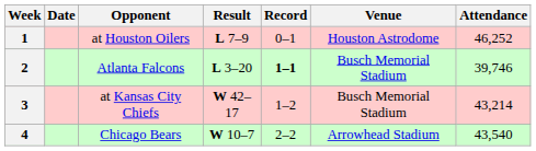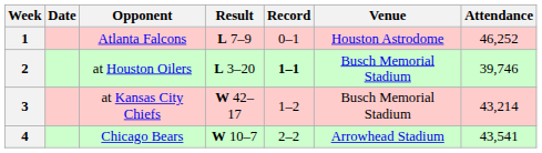 <table class="wikitable" style="text-align:center">
 <tr>
 <th>Week</th>
 <th>Date</th>
 <th>Opponent</th>
 <th>Result</th>
 <th>Record</th>
 <th>Venue</th>
 <th>Attendance</th>
 </tr>
 <tr style="background:#fcc">
 <th>1</th>
 <td></td>
-<td>at <a href='#'>Houston Oilers</a></td>
+<td><a href='#'>Atlanta Falcons</a></td>
 <td><strong>L</strong> 7–9</td>
 <td>0–1</td>
 <td><a href='#'>Houston Astrodome</a></td>
 <td>46,252</td>
 </tr>
 <tr style="background:#cfc">
 <th>2</th>
 <td></td>
-<td><a href='#'>Atlanta Falcons</a></td>
+<td>at <a href='#'>Houston Oilers</a></td>
 <td><strong>L</strong> 3–20</td>
 <td><strong>1–1</strong></td>
 <td><a href='#'>Busch Memorial Stadium</a></td>
 <td>39,746</td>
 </tr>
 <tr style="background:#fcc">
 <th>3</th>
 <td></td>
 <td>at <a href='#'>Kansas City Chiefs</a></td>
 <td><strong>W</strong> 42–17</td>
 <td>1–2</td>
 <td>Busch Memorial Stadium</td>
 <td>43,214</td>
 </tr>
 <tr style="background:#cfc">
 <th>4</th>
 <td></td>
 <td><a href='#'>Chicago Bears</a></td>
 <td><strong>W</strong> 10–7</td>
 <td>2–2</td>
 <td><a href='#'>Arrowhead Stadium</a></td>
-<td>43,540</td>
+<td>43,541</td>
 </tr>
 </table>
